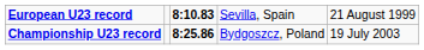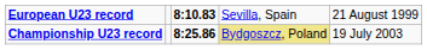 <table class="wikitable">
 <tr>
 <td><strong><a href='#'>European U23 record</a></strong></td>
 <td></td>
 <td><strong>8:10.83</strong></td>
 <td><a href='#'>Sevilla</a>, Spain</td>
 <td>21 August 1999</td>
 </tr>
 <tr>
 <td><strong><a href='#'>Championship U23 record</a></strong></td>
 <td></td>
 <td><strong>8:25.86</strong></td>
-<td><a href='#'>Bydgoszcz</a>, Poland</td>
+<td style="background: khaki;"><a href='#'>Bydgoszcz</a>, Poland</td>
 <td>19 July 2003</td>
 </tr>
 </table>
